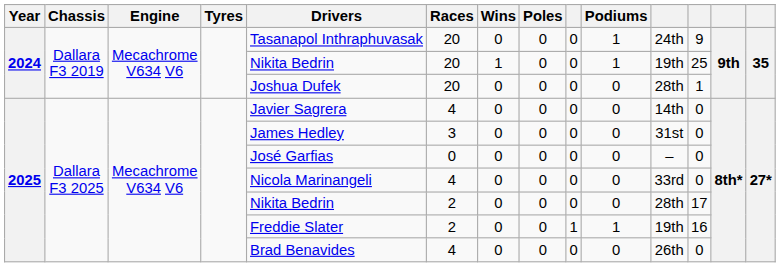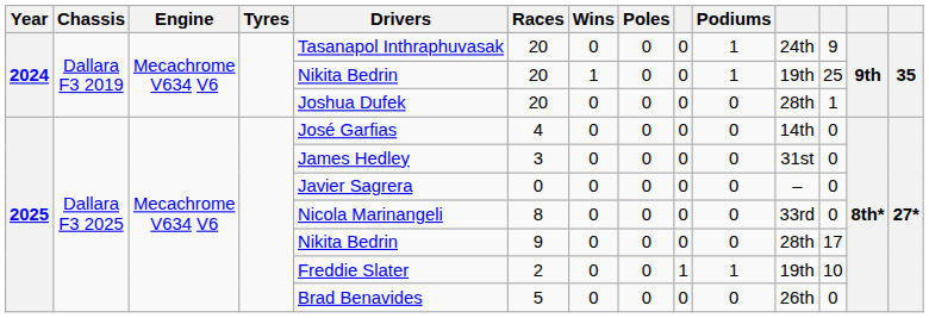 <table class="wikitable" style="text-align:center; font-size:85%">
 <tr>
 <th>Year</th>
 <th>Chassis</th>
 <th>Engine</th>
 <th>Tyres</th>
 <th>Drivers</th>
 <th>Races</th>
 <th>Wins</th>
 <th>Poles</th>
 <th></th>
 <th>Podiums</th>
 <th></th>
 <th></th>
 <th></th>
 <th></th>
 </tr>
 <tr>
 <th rowspan=3><a href='#'>2024</a></th>
 <td rowspan=3><a href='#'>Dallara</a><br><a href='#'>F3 2019</a></td>
 <td rowspan=3><a href='#'>Mecachrome</a><br><a href='#'>V634</a> <a href='#'>V6</a></td>
 <td rowspan=3></td>
 <td align=left> <a href='#'>Tasanapol Inthraphuvasak</a></td>
 <td>20</td>
 <td>0</td>
 <td>0</td>
 <td>0</td>
 <td>1</td>
 <td style="background:#;">24th</td>
 <td style="background:#;">9</td>
 <th rowspan=3 style="background:#;">9th</th>
 <th rowspan=3 style="background:#;">35</th>
 </tr>
 <tr>
 <td align=left> <a href='#'>Nikita Bedrin</a></td>
 <td>20</td>
 <td>1</td>
 <td>0</td>
 <td>0</td>
 <td>1</td>
 <td style="background:#;">19th</td>
 <td style="background:#;">25</td>
 </tr>
 <tr>
 <td align=left> <a href='#'>Joshua Dufek</a></td>
 <td>20</td>
 <td>0</td>
 <td>0</td>
 <td>0</td>
 <td>0</td>
 <td style="background:#;">28th</td>
 <td style="background:#;">1</td>
 </tr>
 <tr>
 <th rowspan="7"><a href='#'>2025</a></th>
 <td rowspan="7"><a href='#'>Dallara</a><br><a href='#'>F3 2025</a></td>
 <td rowspan="7"><a href='#'>Mecachrome</a><br><a href='#'>V634</a> <a href='#'>V6</a></td>
 <td rowspan="7"></td>
-<td align=left> <a href='#'>Javier Sagrera</a></td>
+<td align=left> <a href='#'>José Garfias</a></td>
 <td>4</td>
 <td>0</td>
 <td>0</td>
 <td>0</td>
 <td>0</td>
 <td style="background:#;">14th</td>
 <td style="background:#;">0</td>
 <th rowspan="7" style="background:#;">8th*</th>
 <th rowspan="7" style="background:#;">27*</th>
 </tr>
 <tr>
 <td align=left> <a href='#'>James Hedley</a></td>
 <td>3</td>
 <td>0</td>
 <td>0</td>
 <td>0</td>
 <td>0</td>
 <td style="background:#;">31st</td>
 <td style="background:#;">0</td>
 </tr>
 <tr>
-<td align=left> <a href='#'>José Garfias</a></td>
+<td align=left> <a href='#'>Javier Sagrera</a></td>
 <td>0</td>
 <td>0</td>
 <td>0</td>
 <td>0</td>
 <td>0</td>
 <td style="background:#;">–</td>
 <td style="background:#;">0</td>
 </tr>
 <tr>
 <td align=left> <a href='#'>Nicola Marinangeli</a></td>
-<td>4</td>
+<td>8</td>
 <td>0</td>
 <td>0</td>
 <td>0</td>
 <td>0</td>
 <td style="background:#;">33rd</td>
 <td style="background:#;">0</td>
 </tr>
 <tr>
 <td align=left> <a href='#'>Nikita Bedrin</a></td>
-<td>2</td>
+<td>9</td>
 <td>0</td>
 <td>0</td>
 <td>0</td>
 <td>0</td>
 <td style="background:#;">28th</td>
 <td style="background:#;">17</td>
 </tr>
 <tr>
 <td align=left> <a href='#'>Freddie Slater</a></td>
 <td>2</td>
 <td>0</td>
 <td>0</td>
 <td>1</td>
 <td>1</td>
 <td style="background:#;">19th</td>
-<td style="background:#;">16</td>
+<td style="background:#;">10</td>
 </tr>
 <tr>
 <td align=left> <a href='#'>Brad Benavides</a></td>
-<td>4</td>
+<td>5</td>
 <td>0</td>
 <td>0</td>
 <td>0</td>
 <td>0</td>
 <td style="background:#;">26th</td>
 <td style="background:#;">0</td>
 </tr>
 </table>
